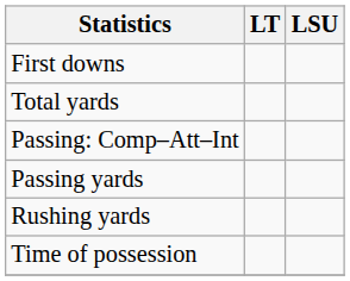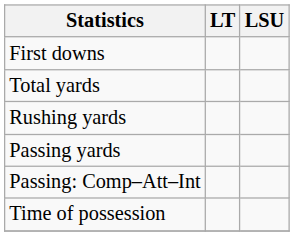 <table class="wikitable" style="float: left;">
 <tr>
 <th>Statistics</th>
 <th>LT</th>
 <th>LSU</th>
 </tr>
 <tr>
 <td>First downs</td>
 <td></td>
 <td></td>
 </tr>
 <tr>
 <td>Total yards</td>
 <td></td>
 <td></td>
 </tr>
 <tr>
-<td>Passing: Comp–Att–Int</td>
+<td>Rushing yards</td>
 <td></td>
 <td></td>
 </tr>
 <tr>
 <td>Passing yards</td>
 <td></td>
 <td></td>
 </tr>
 <tr>
-<td>Rushing yards</td>
+<td>Passing: Comp–Att–Int</td>
 <td></td>
 <td></td>
 </tr>
 <tr>
 <td>Time of possession</td>
 <td></td>
 <td></td>
 </tr>
 <tr>
 </tr>
 </table>
